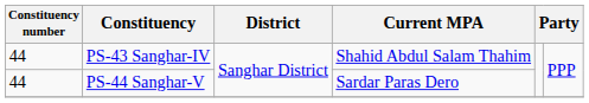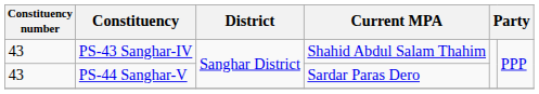 <table class="wikitable">
 <tr>
 <th width="50px" style="font-size:75%">Constituency number</th>
 <th>Constituency</th>
 <th>District</th>
 <th>Current MPA</th>
 <th colspan="2">Party</th>
 </tr>
 <tr>
-<td>44</td>
+<td>43</td>
 <td><a href='#'>PS-43 Sanghar-IV</a></td>
 <td rowspan="2"><a href='#'>Sanghar District</a></td>
 <td><a href='#'>Shahid Abdul Salam Thahim</a></td>
 <td rowspan="2"></td>
 <td rowspan="2"><a href='#'>PPP</a></td>
 </tr>
 <tr>
-<td>44</td>
+<td>43</td>
 <td><a href='#'>PS-44 Sanghar-V</a></td>
 <td><a href='#'>Sardar Paras Dero</a></td>
 </tr>
 <tr>
 </tr>
 </table>
